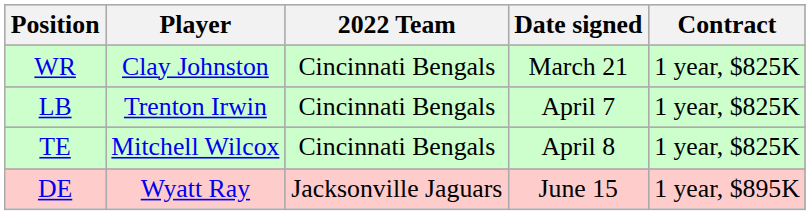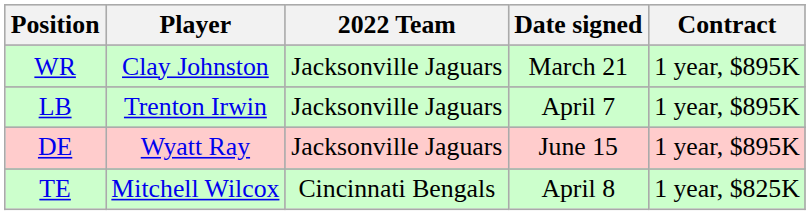 <table class="wikitable" style="text-align:center">
 <tr>
 <th>Position</th>
 <th>Player</th>
 <th>2022 Team</th>
 <th>Date signed</th>
 <th>Contract</th>
 </tr>
 <tr style="background:#cfc;">
 <td><a href='#'>WR</a></td>
 <td><a href='#'>Clay Johnston</a></td>
-<td>Cincinnati Bengals</td>
+<td>Jacksonville Jaguars</td>
 <td>March 21</td>
-<td>1 year, $825K</td>
+<td>1 year, $895K</td>
 </tr>
 <tr style="background:#cfc;">
 <td><a href='#'>LB</a></td>
 <td><a href='#'>Trenton Irwin</a></td>
-<td>Cincinnati Bengals</td>
+<td>Jacksonville Jaguars</td>
 <td>April 7</td>
-<td>1 year, $825K</td>
+<td>1 year, $895K</td>
+</tr>
+<tr style="background:#fcc">
+<td><a href='#'>DE</a></td>
+<td><a href='#'>Wyatt Ray</a></td>
+<td>Jacksonville Jaguars</td>
+<td>June 15</td>
+<td>1 year, $895K</td>
 </tr>
 <tr style="background:#cfc;">
 <td><a href='#'>TE</a></td>
 <td><a href='#'>Mitchell Wilcox</a></td>
 <td>Cincinnati Bengals</td>
 <td>April 8</td>
 <td>1 year, $825K</td>
 </tr>
-<tr style="background:#fcc">
-<td><a href='#'>DE</a></td>
-<td><a href='#'>Wyatt Ray</a></td>
-<td>Jacksonville Jaguars</td>
-<td>June 15</td>
-<td>1 year, $895K</td>
-</tr>
 </table>
